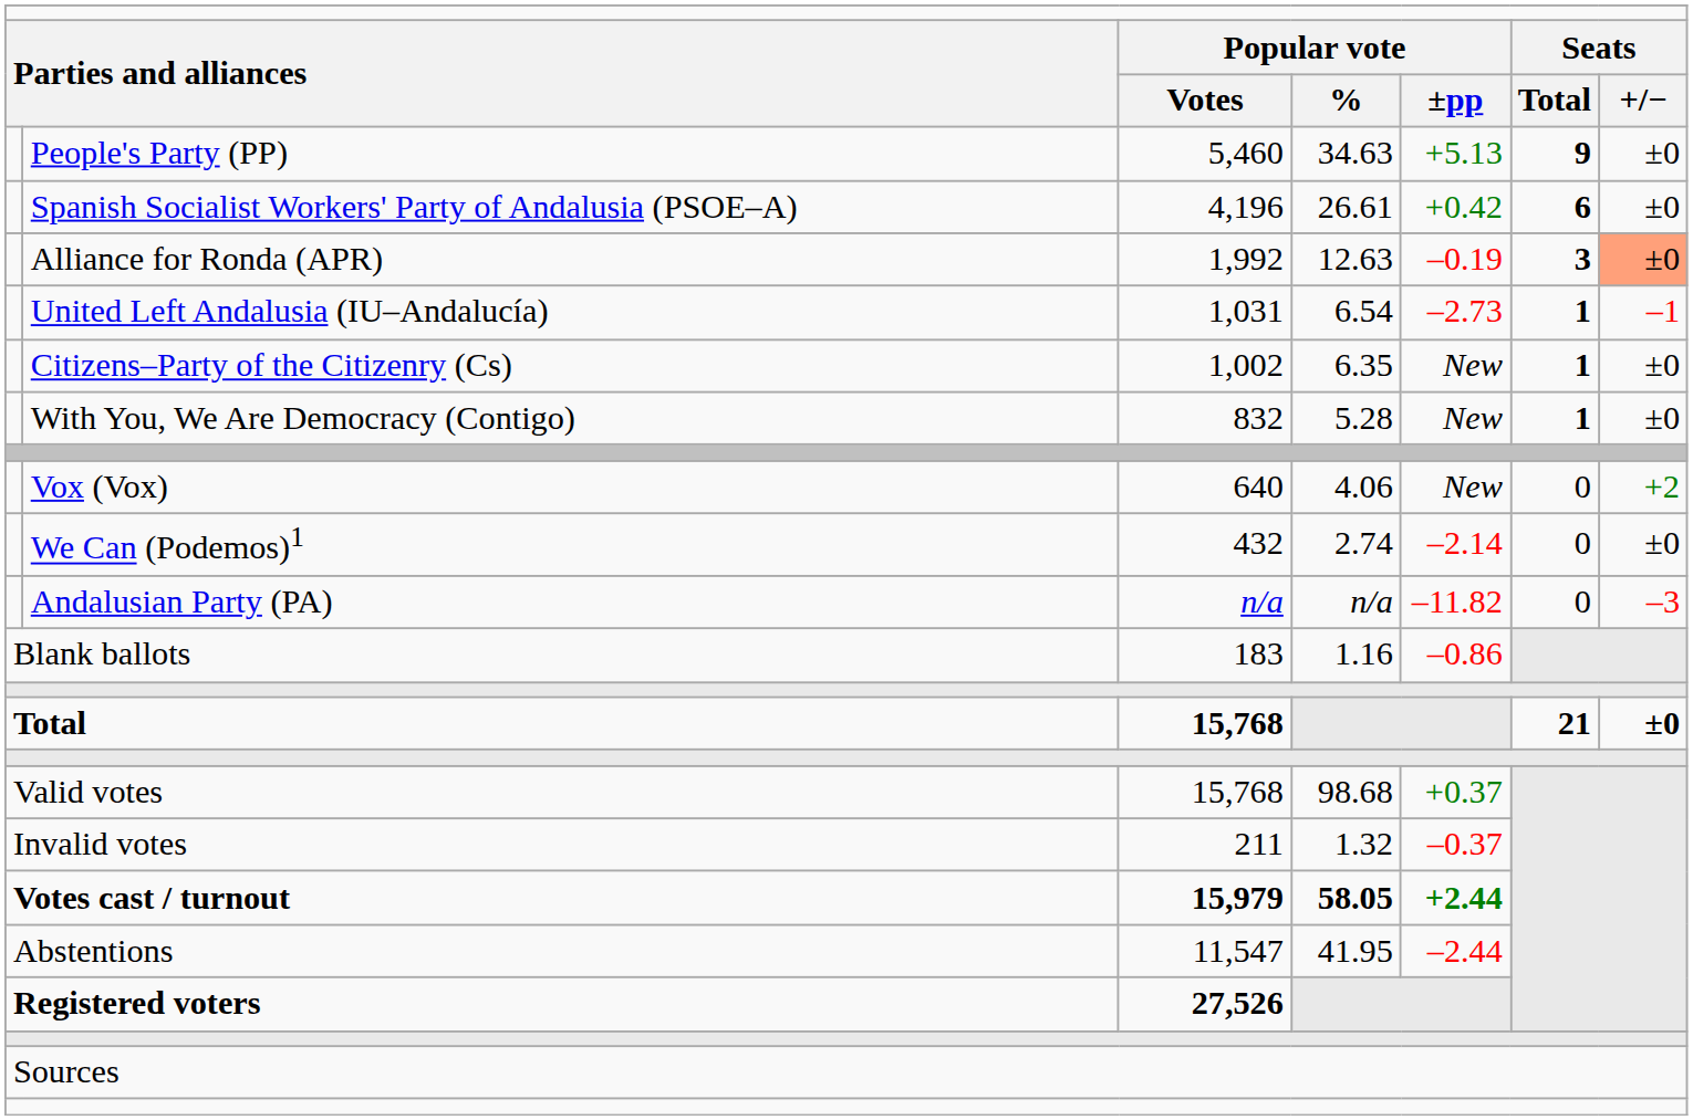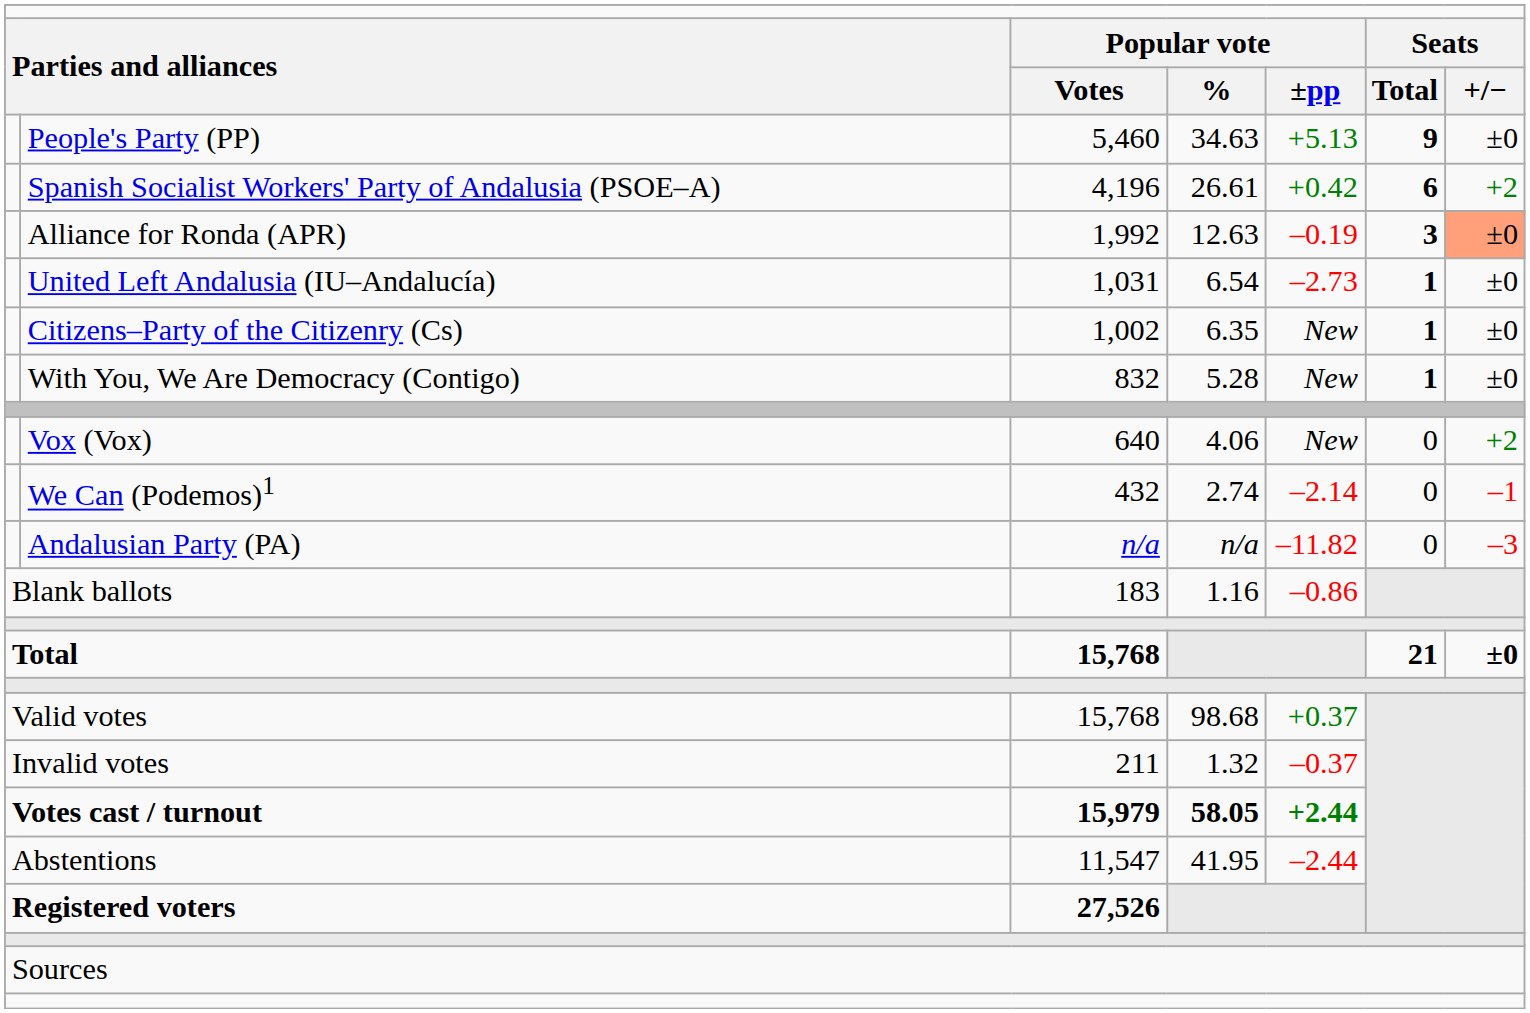 <table class="wikitable" style="text-align:right;">
 <tr>
 <td colspan="7"></td>
 </tr>
 <tr>
 <th style="text-align:left;" rowspan="2" colspan="2" width="525">Parties and alliances</th>
 <th colspan="3">Popular vote</th>
 <th colspan="2">Seats</th>
 </tr>
 <tr>
 <th width="75">Votes</th>
 <th width="45">%</th>
 <th width="45">±<a href='#'>pp</a></th>
 <th width="35">Total</th>
 <th width="35">+/−</th>
 </tr>
 <tr>
 <td width="1" style="color:inherit;background:"></td>
 <td align="left"><a href='#'>People's Party</a> (PP)</td>
 <td>5,460</td>
 <td>34.63</td>
 <td style="color:green;">+5.13</td>
 <td><strong>9</strong></td>
 <td>±0</td>
 </tr>
 <tr>
 <td style="color:inherit;background:"></td>
 <td align="left"><a href='#'>Spanish Socialist Workers' Party of Andalusia</a> (PSOE–A)</td>
 <td>4,196</td>
 <td>26.61</td>
 <td style="color:green;">+0.42</td>
 <td><strong>6</strong></td>
-<td>±0</td>
+<td style="color:green;">+2</td>
 </tr>
 <tr>
 <td style="color:inherit;background:"></td>
 <td align="left">Alliance for Ronda (APR)</td>
 <td>1,992</td>
 <td>12.63</td>
 <td style="color:red;">–0.19</td>
 <td><strong>3</strong></td>
 <td style="background: lightsalmon;">±0</td>
 </tr>
 <tr>
 <td style="color:inherit;background:"></td>
 <td align="left"><a href='#'>United Left Andalusia</a> (IU–Andalucía)</td>
 <td>1,031</td>
 <td>6.54</td>
 <td style="color:red;">–2.73</td>
 <td><strong>1</strong></td>
-<td style="color:red;">–1</td>
+<td>±0</td>
 </tr>
 <tr>
 <td style="color:inherit;background:"></td>
 <td align="left"><a href='#'>Citizens–Party of the Citizenry</a> (Cs)</td>
 <td>1,002</td>
 <td>6.35</td>
 <td><em>New</em></td>
 <td><strong>1</strong></td>
 <td>±0</td>
 </tr>
 <tr>
 <td style="color:inherit;background:"></td>
 <td align="left">With You, We Are Democracy (Contigo)</td>
 <td>832</td>
 <td>5.28</td>
 <td><em>New</em></td>
 <td><strong>1</strong></td>
 <td>±0</td>
 </tr>
 <tr>
 <td colspan="7" bgcolor="#C0C0C0"></td>
 </tr>
 <tr>
 <td style="color:inherit;background:"></td>
 <td align="left"><a href='#'>Vox</a> (Vox)</td>
 <td>640</td>
 <td>4.06</td>
 <td><em>New</em></td>
 <td>0</td>
 <td style="color:green;">+2</td>
 </tr>
 <tr>
 <td style="color:inherit;background:"></td>
 <td align="left"><a href='#'>We Can</a> (Podemos)<sup>1</sup></td>
 <td>432</td>
 <td>2.74</td>
 <td style="color:red;">–2.14</td>
 <td>0</td>
-<td>±0</td>
+<td style="color:red;">–1</td>
 </tr>
 <tr>
 <td style="color:inherit;background:"></td>
 <td align="left"><a href='#'>Andalusian Party</a> (PA)</td>
 <td><em><a href='#'>n/a</a></em></td>
 <td><em>n/a</em></td>
 <td style="color:red;">–11.82</td>
 <td>0</td>
 <td style="color:red;">–3</td>
 </tr>
 <tr>
 <td align="left" colspan="2">Blank ballots</td>
 <td>183</td>
 <td>1.16</td>
 <td style="color:red;">–0.86</td>
 <td bgcolor="#E9E9E9" colspan="2"></td>
 </tr>
 <tr>
 <td colspan="7" bgcolor="#E9E9E9"></td>
 </tr>
 <tr style="font-weight:bold;">
 <td align="left" colspan="2">Total</td>
 <td>15,768</td>
 <td bgcolor="#E9E9E9" colspan="2"></td>
 <td>21</td>
 <td>±0</td>
 </tr>
 <tr>
 <td colspan="7" bgcolor="#E9E9E9"></td>
 </tr>
 <tr>
 <td align="left" colspan="2">Valid votes</td>
 <td>15,768</td>
 <td>98.68</td>
 <td style="color:green;">+0.37</td>
 <td bgcolor="#E9E9E9" colspan="2" rowspan="5"></td>
 </tr>
 <tr>
 <td align="left" colspan="2">Invalid votes</td>
 <td>211</td>
 <td>1.32</td>
 <td style="color:red;">–0.37</td>
 </tr>
 <tr style="font-weight:bold;">
 <td align="left" colspan="2">Votes cast / turnout</td>
 <td>15,979</td>
 <td>58.05</td>
 <td style="color:green;">+2.44</td>
 </tr>
 <tr>
 <td align="left" colspan="2">Abstentions</td>
 <td>11,547</td>
 <td>41.95</td>
 <td style="color:red;">–2.44</td>
 </tr>
 <tr style="font-weight:bold;">
 <td align="left" colspan="2">Registered voters</td>
 <td>27,526</td>
 <td bgcolor="#E9E9E9" colspan="2"></td>
 </tr>
 <tr>
 <td colspan="7" bgcolor="#E9E9E9"></td>
 </tr>
 <tr>
 <td align="left" colspan="7">Sources</td>
 </tr>
 <tr>
 <td colspan="7" style="text-align:left; max-width:790px;"></td>
 </tr>
 </table>
